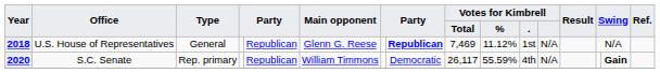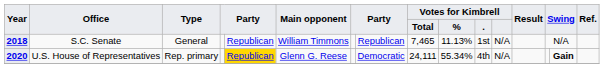 <table class="wikitable" style="font-size: 90%; text-align:center;">
 <tr>
 <th style="background-color:#EAECF0;" rowspan=2>Year</th>
 <th style="background-color:#EAECF0;" rowspan=2>Office</th>
 <th style="background-color:#EAECF0;" rowspan=2>Type</th>
 <th style="background-color:#EAECF0;" colspan=2 rowspan=2>Party</th>
 <th style="background-color:#EAECF0;" rowspan=2>Main opponent</th>
 <th style="background-color:#EAECF0;" colspan=2 rowspan=2>Party</th>
 <th style="background-color:#EAECF0;" colspan=4>Votes for Kimbrell</th>
 <th style="background-color:#EAECF0;" rowspan=2>Result</th>
 <th style="background-color:#EAECF0;" colspan=2 rowspan=2><a href='#'>Swing</a></th>
 <th style="background-color:#EAECF0;" colspan=2 rowspan=2>Ref.</th>
 </tr>
 <tr>
 <th style="background-color:#EAECF0;">Total</th>
 <th style="background-color:#EAECF0;">%</th>
 <th style="background-color:#EAECF0;">.</th>
 <th style="background-color:#EAECF0;"></th>
 </tr>
 <tr>
 <th style="background-color:#EAECF0;"><a href='#'>2018</a></th>
-<td>U.S. House of Representatives</td>
+<td rowspan=1>S.C. Senate</td>
 <td>General</td>
 <td style="background-color:"></td>
 <td><a href='#'>Republican</a></td>
-<td><a href='#'>Glenn G. Reese</a></td>
+<td><a href='#'>William Timmons</a></td>
 <td style="background-color:"></td>
-<td><strong><a href='#'>Republican</a></strong></td>
-<td>7,469</td>
-<td>11.12%</td>
+<td><a href='#'>Republican</a></td>
+<td>7,465</td>
+<td>11.13%</td>
 <td>1st</td>
 <td>N/A</td>
 <td></td>
 <td colspan=2>N/A</td>
 <td></td>
 </tr>
 <tr>
 <th style="background-color:#EAECF0;"><a href='#'>2020</a></th>
-<td rowspan=1>S.C. Senate</td>
+<td>U.S. House of Representatives</td>
 <td>Rep. primary</td>
 <td style="background-color:"></td>
-<td><a href='#'>Republican</a></td>
-<td><a href='#'>William Timmons</a></td>
+<td style="background: gold;"><a href='#'>Republican</a></td>
+<td><a href='#'>Glenn G. Reese</a></td>
 <td style="background-color:"></td>
 <td><a href='#'>Democratic</a></td>
-<td>26,117</td>
-<td>55.59%</td>
+<td>24,111</td>
+<td>55.34%</td>
 <td>4th</td>
 <td>N/A</td>
 <td></td>
 <td style="background-color:"></td>
 <td><strong>Gain</strong></td>
 <td></td>
 </tr>
 <tr>
 </tr>
 </table>
